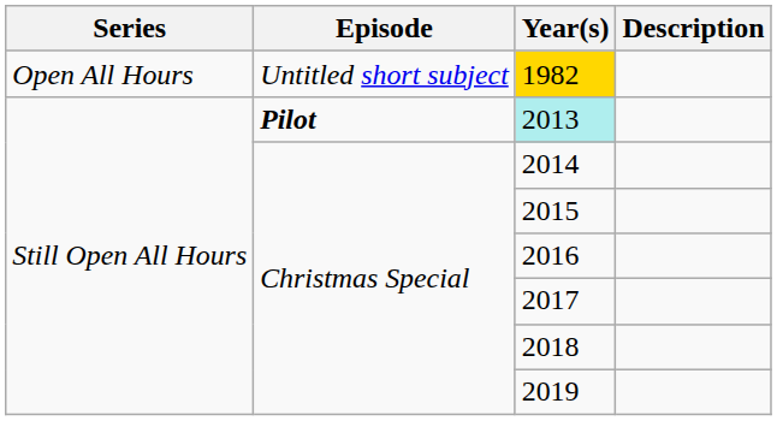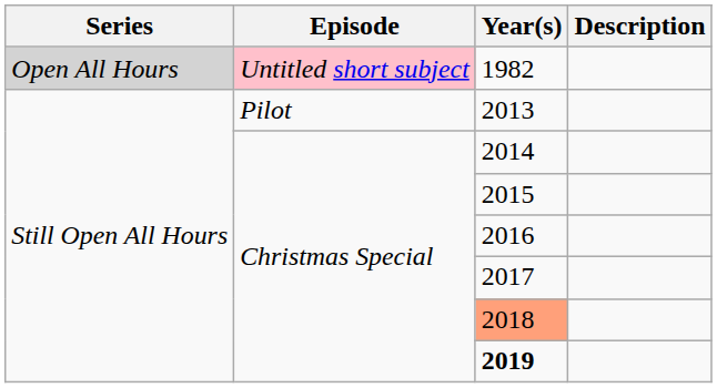 <table class="wikitable sortable">
 <tr>
 <th>Series</th>
 <th>Episode</th>
 <th>Year(s)</th>
 <th>Description</th>
 </tr>
 <tr>
-<td><em>Open All Hours</em></td>
-<td><em>Untitled <a href='#'>short subject</a></em></td>
-<td style="background: gold;">1982</td>
+<td style="background: lightgrey;"><em>Open All Hours</em></td>
+<td style="background: pink;"><em>Untitled <a href='#'>short subject</a></em></td>
+<td>1982</td>
 <td></td>
 </tr>
 <tr>
 <td rowspan=7><em>Still Open All Hours</em></td>
-<td><strong><em>Pilot</em></strong></td>
-<td style="background: paleturquoise;">2013</td>
+<td><em>Pilot</em></td>
+<td>2013</td>
 <td></td>
 </tr>
 <tr>
 <td rowspan=6><em>Christmas Special</em></td>
 <td>2014</td>
 <td></td>
 </tr>
 <tr>
 <td>2015</td>
 <td></td>
 </tr>
 <tr>
 <td>2016</td>
 <td></td>
 </tr>
 <tr>
 <td>2017</td>
 <td></td>
 </tr>
 <tr>
-<td>2018</td>
+<td style="background: lightsalmon;">2018</td>
 <td></td>
 </tr>
 <tr>
-<td>2019</td>
+<td><strong>2019</strong></td>
 <td></td>
 </tr>
 </table>
